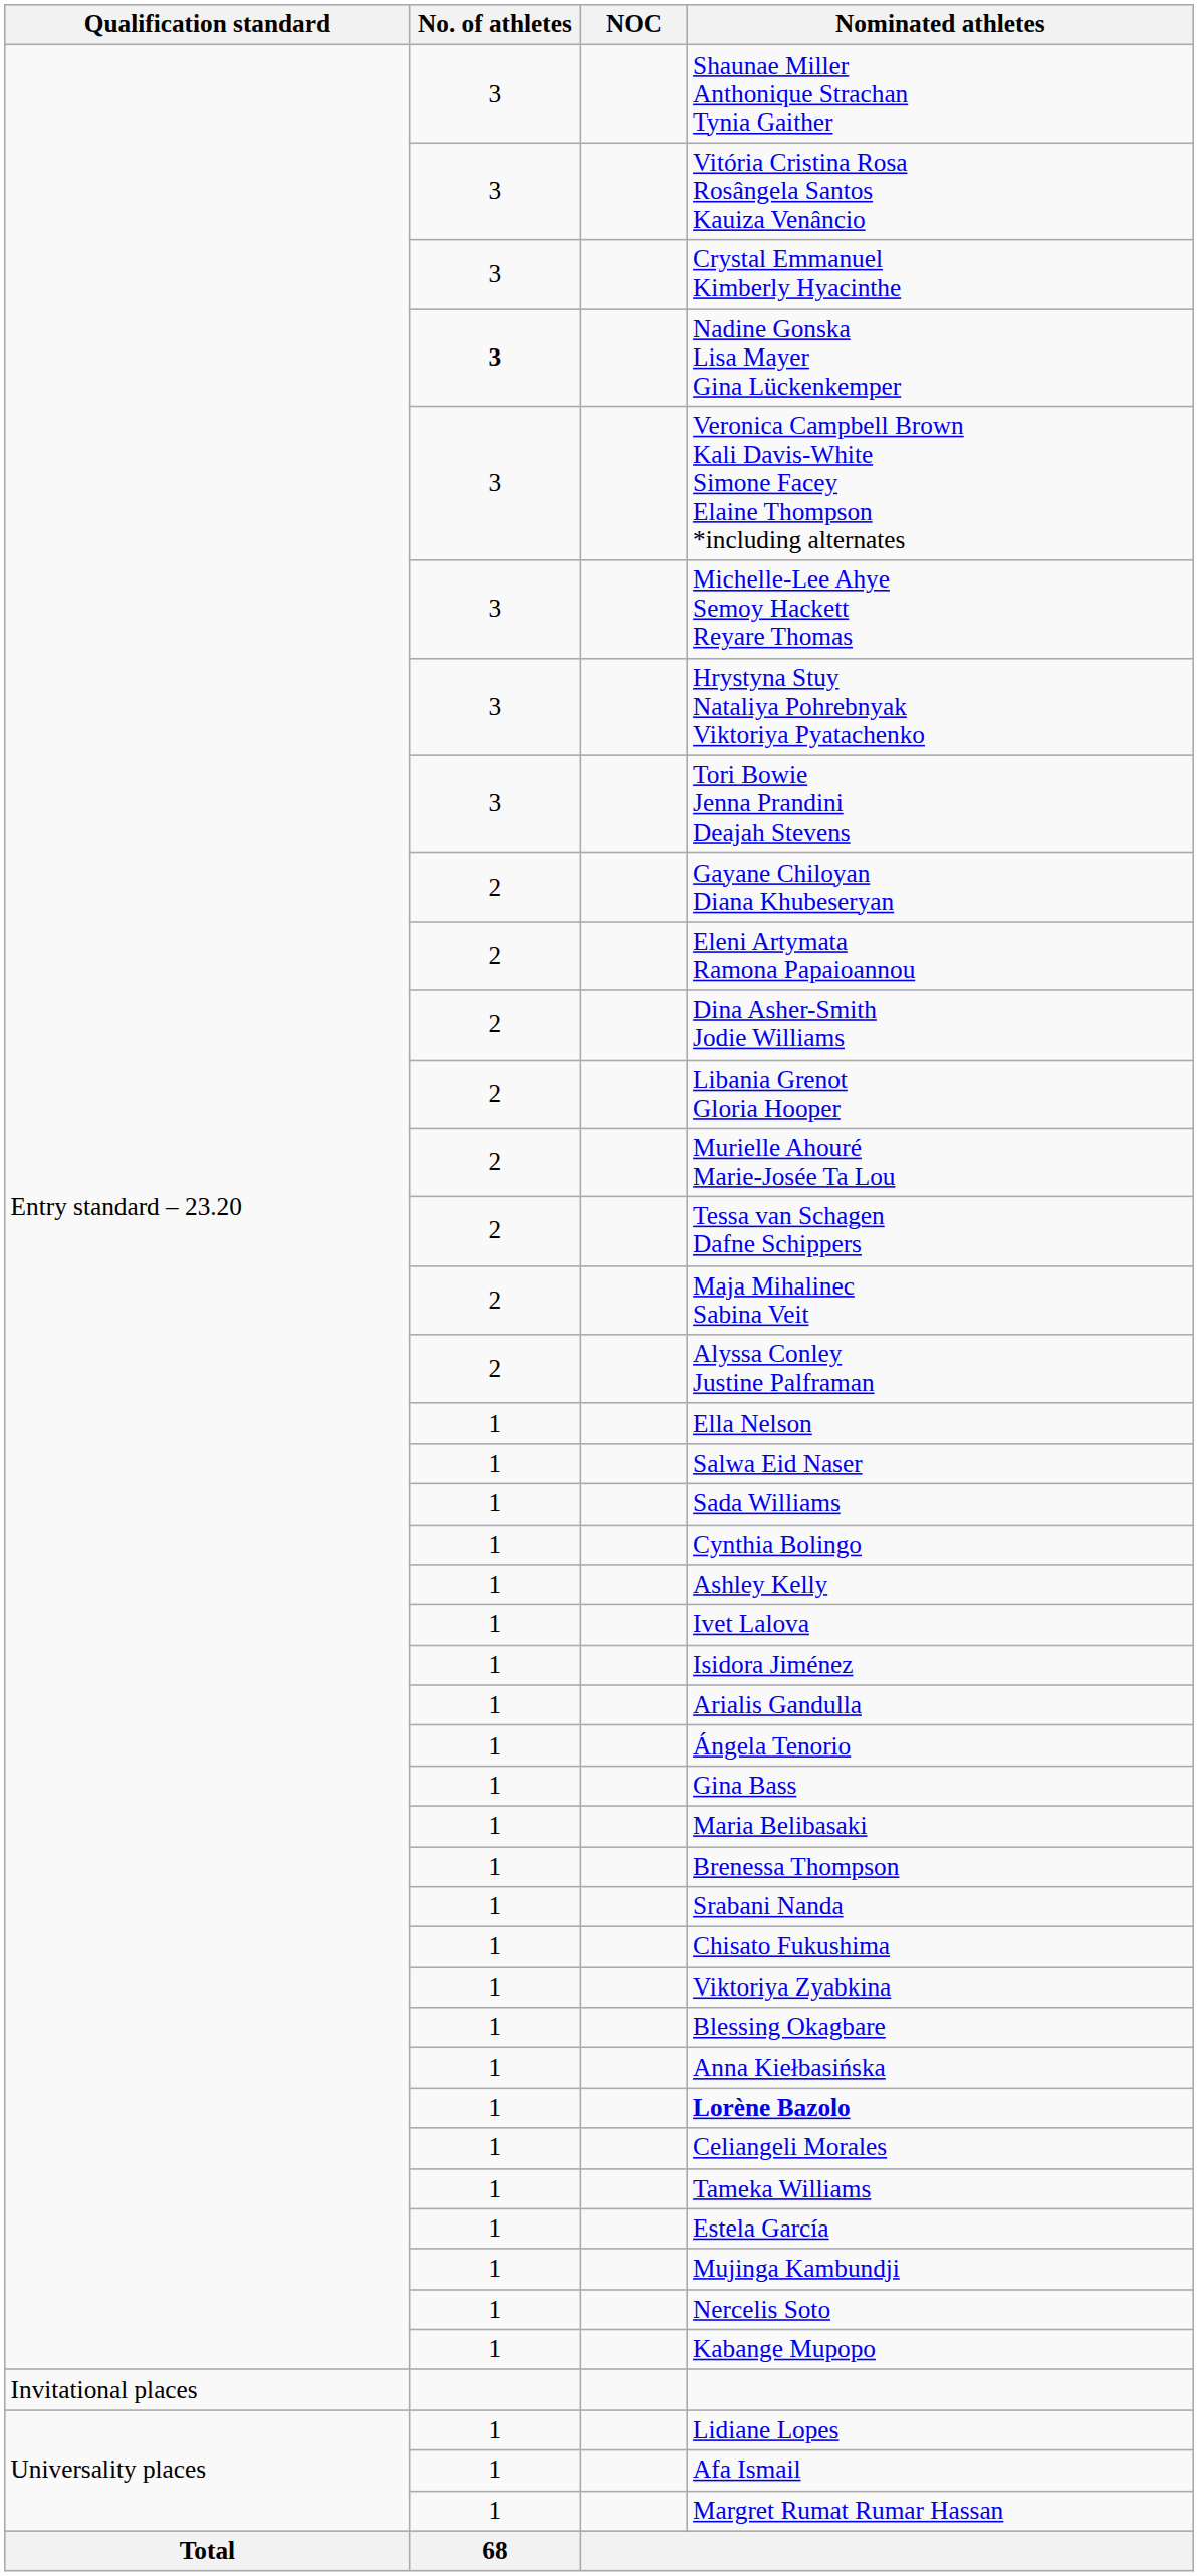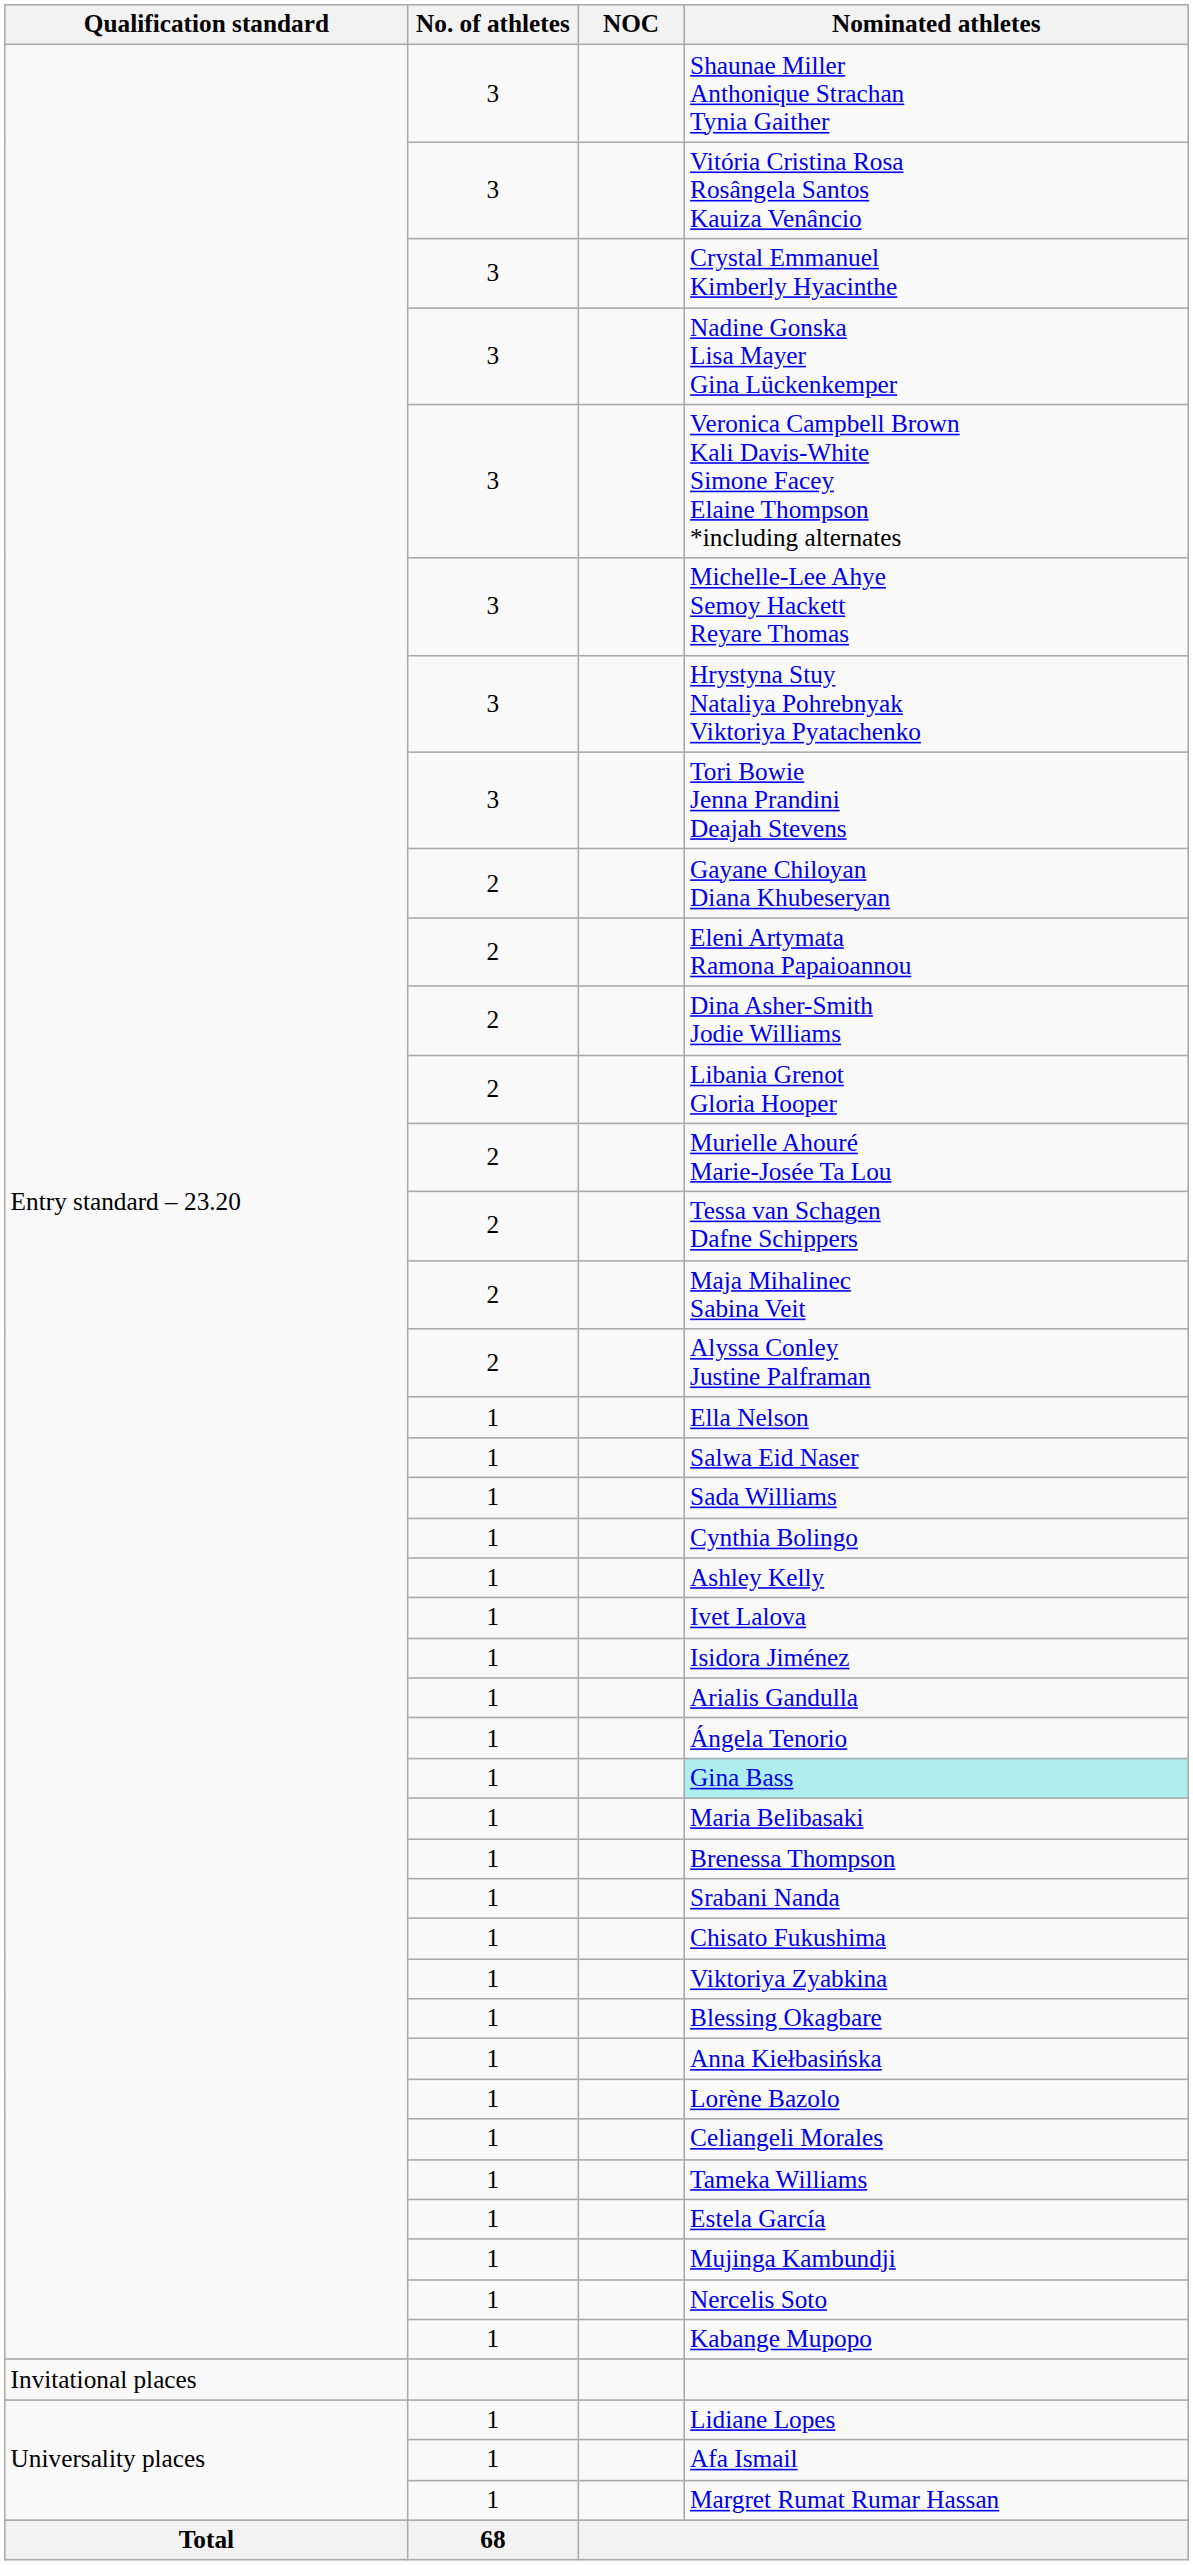 <table class="wikitable"  style="text-align:left; width:750px;">
 <tr>
 <th>Qualification standard</th>
 <th width=100>No. of athletes</th>
 <th>NOC</th>
 <th>Nominated athletes</th>
 </tr>
 <tr>
 <td rowspan=40>Entry standard – 23.20</td>
 <td style="text-align:center;">3</td>
 <td></td>
 <td><a href='#'>Shaunae Miller</a><br><a href='#'>Anthonique Strachan</a><br><a href='#'>Tynia Gaither</a></td>
 </tr>
 <tr>
 <td style="text-align:center;">3</td>
 <td></td>
 <td><a href='#'>Vitória Cristina Rosa</a><br><a href='#'>Rosângela Santos</a><br><a href='#'>Kauiza Venâncio</a></td>
 </tr>
 <tr>
 <td style="text-align:center;">3</td>
 <td></td>
 <td><a href='#'>Crystal Emmanuel</a><br><a href='#'>Kimberly Hyacinthe</a> </td>
 </tr>
 <tr>
-<td style="text-align:center;"><strong>3</strong></td>
+<td style="text-align:center;">3</td>
 <td></td>
 <td><a href='#'>Nadine Gonska</a><br><a href='#'>Lisa Mayer</a><br><a href='#'>Gina Lückenkemper</a></td>
 </tr>
 <tr>
 <td style="text-align:center;">3</td>
 <td></td>
 <td><a href='#'>Veronica Campbell Brown</a><br><a href='#'>Kali Davis-White</a><br><a href='#'>Simone Facey</a><br><a href='#'>Elaine Thompson</a><br>*including alternates</td>
 </tr>
 <tr>
 <td style="text-align:center;">3</td>
 <td></td>
 <td><a href='#'>Michelle-Lee Ahye</a><br><a href='#'>Semoy Hackett</a><br><a href='#'>Reyare Thomas</a></td>
 </tr>
 <tr>
 <td style="text-align:center;">3</td>
 <td></td>
 <td><a href='#'>Hrystyna Stuy</a><br><a href='#'>Nataliya Pohrebnyak</a><br><a href='#'>Viktoriya Pyatachenko</a></td>
 </tr>
 <tr>
 <td style="text-align:center;">3</td>
 <td></td>
 <td><a href='#'>Tori Bowie</a><br><a href='#'>Jenna Prandini</a><br><a href='#'>Deajah Stevens</a></td>
 </tr>
 <tr>
 <td style="text-align:center;">2</td>
 <td></td>
 <td><a href='#'>Gayane Chiloyan</a><br><a href='#'>Diana Khubeseryan</a></td>
 </tr>
 <tr>
 <td style="text-align:center;">2</td>
 <td></td>
 <td><a href='#'>Eleni Artymata</a><br><a href='#'>Ramona Papaioannou</a></td>
 </tr>
 <tr>
 <td style="text-align:center;">2</td>
 <td></td>
 <td><a href='#'>Dina Asher-Smith</a><br><a href='#'>Jodie Williams</a></td>
 </tr>
 <tr>
 <td style="text-align:center;">2</td>
 <td></td>
 <td><a href='#'>Libania Grenot</a><br><a href='#'>Gloria Hooper</a></td>
 </tr>
 <tr>
 <td style="text-align:center;">2</td>
 <td></td>
 <td><a href='#'>Murielle Ahouré</a><br><a href='#'>Marie-Josée Ta Lou</a></td>
 </tr>
 <tr>
 <td style="text-align:center;">2</td>
 <td></td>
 <td><a href='#'>Tessa van Schagen</a> <br><a href='#'>Dafne Schippers</a></td>
 </tr>
 <tr>
 <td style="text-align:center;">2</td>
 <td></td>
 <td><a href='#'>Maja Mihalinec</a><br><a href='#'>Sabina Veit</a></td>
 </tr>
 <tr>
 <td style="text-align:center;">2</td>
 <td></td>
 <td><a href='#'>Alyssa Conley</a><br><a href='#'>Justine Palframan</a></td>
 </tr>
 <tr>
 <td style="text-align:center;">1</td>
 <td></td>
 <td><a href='#'>Ella Nelson</a></td>
 </tr>
 <tr>
 <td style="text-align:center;">1</td>
 <td></td>
 <td><a href='#'>Salwa Eid Naser</a></td>
 </tr>
 <tr>
 <td style="text-align:center;">1</td>
 <td></td>
 <td><a href='#'>Sada Williams</a></td>
 </tr>
 <tr>
 <td style="text-align:center;">1</td>
 <td></td>
 <td><a href='#'>Cynthia Bolingo</a></td>
 </tr>
 <tr>
 <td style="text-align:center;">1</td>
 <td></td>
 <td><a href='#'>Ashley Kelly</a></td>
 </tr>
 <tr>
 <td style="text-align:center;">1</td>
 <td></td>
 <td><a href='#'>Ivet Lalova</a></td>
 </tr>
 <tr>
 <td style="text-align:center;">1</td>
 <td></td>
 <td><a href='#'>Isidora Jiménez</a></td>
 </tr>
 <tr>
 <td style="text-align:center;">1</td>
 <td></td>
 <td><a href='#'>Arialis Gandulla</a></td>
 </tr>
 <tr>
 <td style="text-align:center;">1</td>
 <td></td>
 <td><a href='#'>Ángela Tenorio</a></td>
 </tr>
 <tr>
 <td style="text-align:center;">1</td>
 <td></td>
-<td><a href='#'>Gina Bass</a></td>
+<td style="background: paleturquoise;"><a href='#'>Gina Bass</a></td>
 </tr>
 <tr>
 <td style="text-align:center;">1</td>
 <td></td>
 <td><a href='#'>Maria Belibasaki</a></td>
 </tr>
 <tr>
 <td style="text-align:center;">1</td>
 <td></td>
 <td><a href='#'>Brenessa Thompson</a></td>
 </tr>
 <tr>
 <td style="text-align: center;">1</td>
 <td></td>
 <td><a href='#'>Srabani Nanda</a></td>
 </tr>
 <tr>
 <td style="text-align:center;">1</td>
 <td></td>
 <td><a href='#'>Chisato Fukushima</a></td>
 </tr>
 <tr>
 <td style="text-align:center;">1</td>
 <td></td>
 <td><a href='#'>Viktoriya Zyabkina</a></td>
 </tr>
 <tr>
 <td style="text-align:center;">1</td>
 <td></td>
 <td><a href='#'>Blessing Okagbare</a></td>
 </tr>
 <tr>
 <td style="text-align:center;">1</td>
 <td></td>
 <td><a href='#'>Anna Kiełbasińska</a></td>
 </tr>
 <tr>
 <td style="text-align:center;">1</td>
 <td></td>
-<td><strong><a href='#'>Lorène Bazolo</a></strong></td>
+<td><a href='#'>Lorène Bazolo</a></td>
 </tr>
 <tr>
 <td style="text-align:center;">1</td>
 <td></td>
 <td><a href='#'>Celiangeli Morales</a></td>
 </tr>
 <tr>
 <td style="text-align:center;">1</td>
 <td></td>
 <td><a href='#'>Tameka Williams</a></td>
 </tr>
 <tr>
 <td style="text-align:center;">1</td>
 <td></td>
 <td><a href='#'>Estela García</a></td>
 </tr>
 <tr>
 <td style="text-align:center;">1</td>
 <td></td>
 <td><a href='#'>Mujinga Kambundji</a></td>
 </tr>
 <tr>
 <td style="text-align:center;">1</td>
 <td></td>
 <td><a href='#'>Nercelis Soto</a></td>
 </tr>
 <tr>
 <td style="text-align:center;">1</td>
 <td></td>
 <td><a href='#'>Kabange Mupopo</a></td>
 </tr>
 <tr>
 <td>Invitational places</td>
 <td style="text-align:center;"></td>
 <td></td>
 <td></td>
 </tr>
 <tr>
 <td rowspan=3>Universality places</td>
 <td style="text-align:center;">1</td>
 <td></td>
 <td><a href='#'>Lidiane Lopes</a></td>
 </tr>
 <tr>
 <td style="text-align:center;">1</td>
 <td></td>
 <td><a href='#'>Afa Ismail</a></td>
 </tr>
 <tr>
 <td style="text-align:center;">1</td>
 <td></td>
 <td><a href='#'>Margret Rumat Rumar Hassan</a></td>
 </tr>
 <tr>
 <th>Total</th>
 <th>68</th>
 <th colspan=2></th>
 </tr>
 </table>
